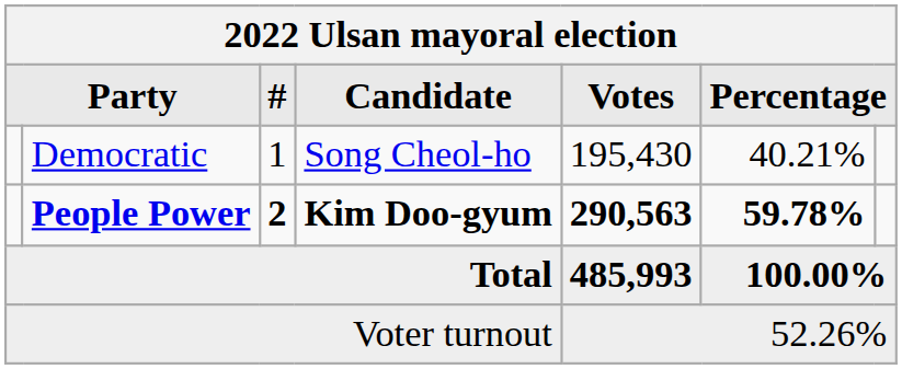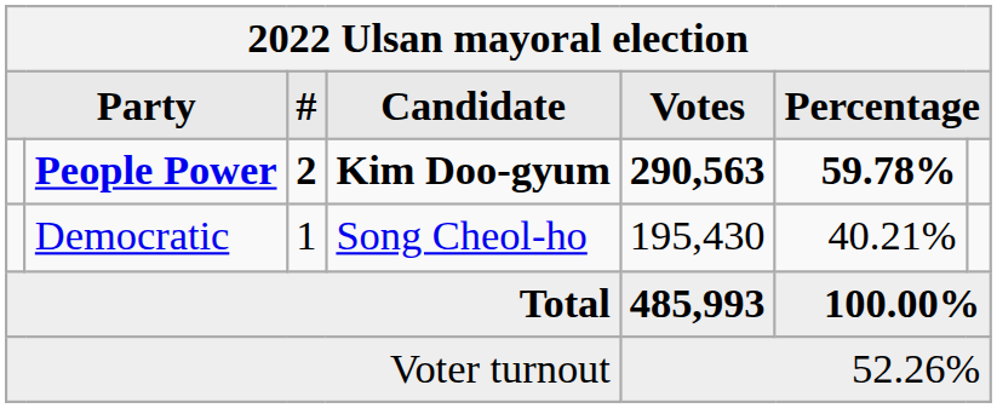 <table class="wikitable">
 <tr>
 <th colspan="7">2022 Ulsan mayoral election</th>
 </tr>
 <tr>
 <th style="background-color:#E9E9E9" colspan=2>Party</th>
 <th style="background-color:#E9E9E9">#</th>
 <th style="background-color:#E9E9E9">Candidate</th>
 <th style="background-color:#E9E9E9">Votes</th>
 <th style="background-color:#E9E9E9" colspan=2>Percentage</th>
 </tr>
+<tr style="font-weight:bold">
+<td></td>
+<td align=left><a href='#'>People Power</a></td>
+<td align=center>2</td>
+<td align=left>Kim Doo-gyum</td>
+<td align=right>290,563</td>
+<td align=right>59.78%</td>
+<td align=right></td>
+</tr>
 <tr>
 <td></td>
 <td align=left><a href='#'>Democratic</a></td>
 <td align=center>1</td>
 <td align=left><a href='#'>Song Cheol-ho</a></td>
 <td align=right>195,430</td>
 <td align=right>40.21%</td>
-<td align=right></td>
-</tr>
-<tr style="font-weight:bold">
-<td></td>
-<td align=left><a href='#'>People Power</a></td>
-<td align=center>2</td>
-<td align=left>Kim Doo-gyum</td>
-<td align=right>290,563</td>
-<td align=right>59.78%</td>
 <td align=right></td>
 </tr>
 <tr bgcolor="#EEEEEE" style="font-weight:bold">
 <td colspan="4" align=right>Total</td>
 <td align=right>485,993</td>
 <td align=right colspan=2>100.00%</td>
 </tr>
 <tr bgcolor="#EEEEEE">
 <td colspan="4" align="right">Voter turnout</td>
 <td colspan="3" align="right">52.26%</td>
 </tr>
 </table>
